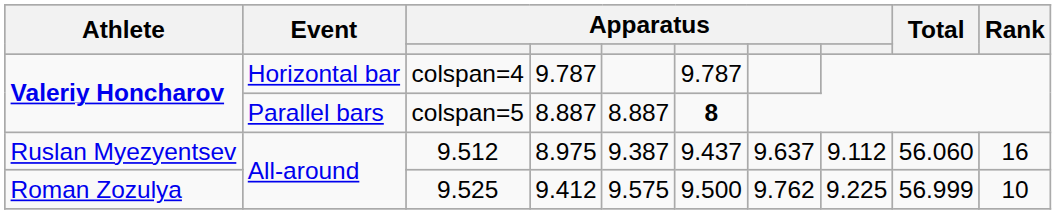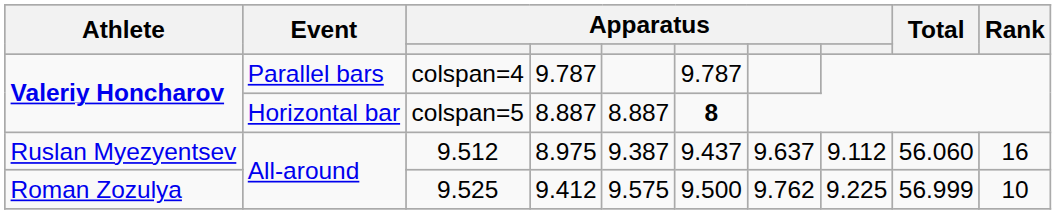 <table class="wikitable" style="font-size:90%">
 <tr>
 <th rowspan=2>Athlete</th>
 <th rowspan=2>Event</th>
 <th colspan =6>Apparatus</th>
 <th rowspan=2>Total</th>
 <th rowspan=2>Rank</th>
 </tr>
 <tr style="font-size:95%">
 <th></th>
 <th></th>
 <th></th>
 <th></th>
 <th></th>
 <th></th>
 </tr>
 <tr align=center>
 <td align=left rowspan=2><strong><a href='#'>Valeriy Honcharov</a></strong></td>
-<td align=left><a href='#'>Horizontal bar</a></td>
+<td align=left><a href='#'>Parallel bars</a></td>
 <td>colspan=4 </td>
 <td>9.787</td>
 <td></td>
 <td>9.787</td>
 <td></td>
 </tr>
 <tr align=center>
-<td align=left><a href='#'>Parallel bars</a></td>
+<td align=left><a href='#'>Horizontal bar</a></td>
 <td>colspan=5 </td>
 <td>8.887</td>
 <td>8.887</td>
 <td><strong>8</strong></td>
 </tr>
 <tr align=center>
 <td align=left><a href='#'>Ruslan Myezyentsev</a></td>
 <td align=left rowspan=2><a href='#'>All-around</a></td>
 <td>9.512</td>
 <td>8.975</td>
 <td>9.387</td>
 <td>9.437</td>
 <td>9.637</td>
 <td>9.112</td>
 <td>56.060</td>
 <td>16</td>
 </tr>
 <tr align=center>
 <td align=left><a href='#'>Roman Zozulya</a></td>
 <td>9.525</td>
 <td>9.412</td>
 <td>9.575</td>
 <td>9.500</td>
 <td>9.762</td>
 <td>9.225</td>
 <td>56.999</td>
 <td>10</td>
 </tr>
 </table>
